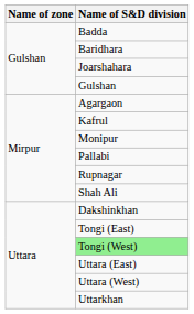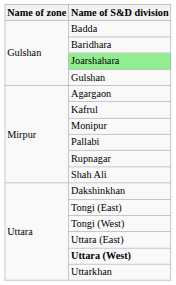 <table class="wikitable floatright" style="margin: 1em auto 1em auto;">
 <tr>
 <th>Name of zone</th>
 <th>Name of S&D division</th>
 </tr>
 <tr>
 <td rowspan="4">Gulshan</td>
 <td>Badda</td>
 </tr>
 <tr>
 <td>Baridhara</td>
 </tr>
 <tr>
-<td>Joarshahara</td>
+<td style="background: lightgreen;">Joarshahara</td>
 </tr>
 <tr>
 <td>Gulshan</td>
 </tr>
 <tr>
 <td rowspan="6">Mirpur</td>
 <td>Agargaon</td>
 </tr>
 <tr>
 <td>Kafrul</td>
 </tr>
 <tr>
 <td>Monipur</td>
 </tr>
 <tr>
 <td>Pallabi</td>
 </tr>
 <tr>
 <td>Rupnagar</td>
 </tr>
 <tr>
 <td>Shah Ali</td>
 </tr>
 <tr>
 <td rowspan="6">Uttara</td>
 <td>Dakshinkhan</td>
 </tr>
 <tr>
 <td>Tongi (East)</td>
 </tr>
 <tr>
-<td style="background: lightgreen;">Tongi (West)</td>
+<td>Tongi (West)</td>
 </tr>
 <tr>
 <td>Uttara (East)</td>
 </tr>
 <tr>
-<td>Uttara (West)</td>
+<td><strong>Uttara (West)</strong></td>
 </tr>
 <tr>
 <td>Uttarkhan</td>
 </tr>
 </table>
